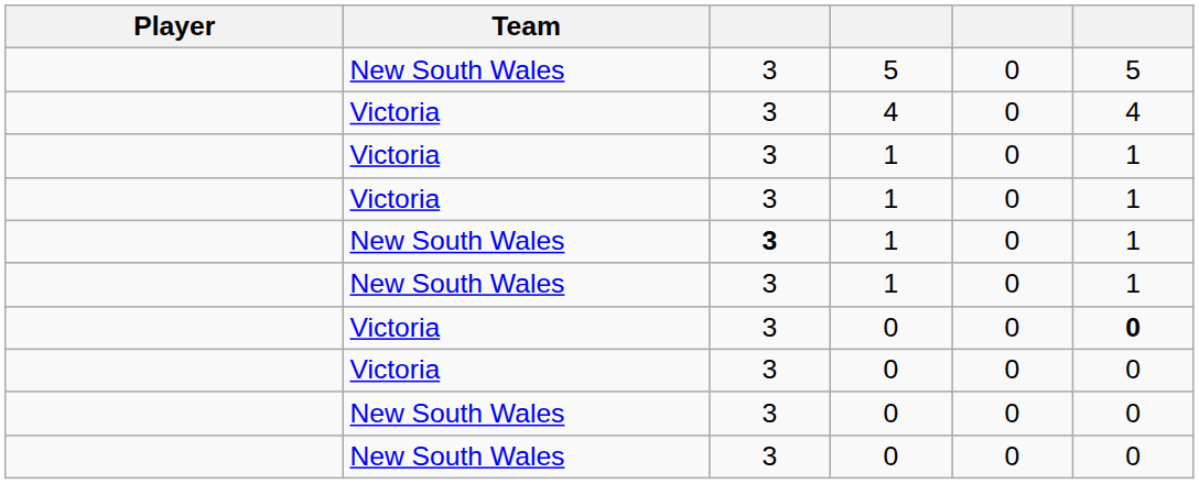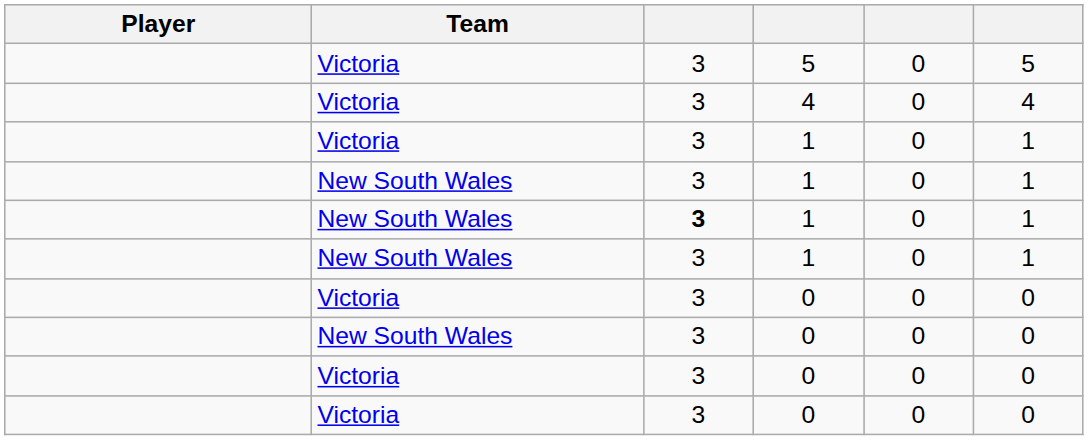 <table class="wikitable sortable">
 <tr>
 <th style="width: 12em;">Player</th>
 <th style="width: 13em;">Team</th>
 <th style="width: 4em;"></th>
 <th style="width: 4em;"></th>
 <th style="width: 4em;"></th>
 <th style="width: 4em;"></th>
 </tr>
 <tr style="text-align:center;">
 <td style="text-align:left;"></td>
-<td style="text-align:left;"><a href='#'>New South Wales</a></td>
+<td style="text-align:left;"><a href='#'>Victoria</a></td>
 <td>3</td>
 <td>5</td>
 <td>0</td>
 <td>5</td>
 </tr>
 <tr style="text-align:center;">
 <td style="text-align:left;"></td>
 <td style="text-align:left;"><a href='#'>Victoria</a></td>
 <td>3</td>
 <td>4</td>
 <td>0</td>
 <td>4</td>
 </tr>
 <tr style="text-align:center;">
 <td style="text-align:left;"></td>
 <td style="text-align:left;"><a href='#'>Victoria</a></td>
 <td>3</td>
 <td>1</td>
 <td>0</td>
 <td>1</td>
 </tr>
 <tr style="text-align:center;">
 <td style="text-align:left;"></td>
-<td style="text-align:left;"><a href='#'>Victoria</a></td>
+<td style="text-align:left;"><a href='#'>New South Wales</a></td>
 <td>3</td>
 <td>1</td>
 <td>0</td>
 <td>1</td>
 </tr>
 <tr style="text-align:center;">
 <td style="text-align:left;"></td>
 <td style="text-align:left;"><a href='#'>New South Wales</a></td>
 <td><strong>3</strong></td>
 <td>1</td>
 <td>0</td>
 <td>1</td>
 </tr>
 <tr style="text-align:center;">
 <td style="text-align:left;"></td>
 <td style="text-align:left;"><a href='#'>New South Wales</a></td>
 <td>3</td>
 <td>1</td>
 <td>0</td>
 <td>1</td>
 </tr>
 <tr style="text-align:center;">
 <td style="text-align:left;"></td>
 <td style="text-align:left;"><a href='#'>Victoria</a></td>
 <td>3</td>
 <td>0</td>
 <td>0</td>
-<td><strong>0</strong></td>
-</tr>
-<tr style="text-align:center;">
-<td style="text-align:left;"></td>
-<td style="text-align:left;"><a href='#'>Victoria</a></td>
-<td>3</td>
-<td>0</td>
-<td>0</td>
 <td>0</td>
 </tr>
 <tr style="text-align:center;">
 <td style="text-align:left;"></td>
 <td style="text-align:left;"><a href='#'>New South Wales</a></td>
 <td>3</td>
 <td>0</td>
 <td>0</td>
 <td>0</td>
 </tr>
 <tr style="text-align:center;">
 <td style="text-align:left;"></td>
-<td style="text-align:left;"><a href='#'>New South Wales</a></td>
+<td style="text-align:left;"><a href='#'>Victoria</a></td>
+<td>3</td>
+<td>0</td>
+<td>0</td>
+<td>0</td>
+</tr>
+<tr style="text-align:center;">
+<td style="text-align:left;"></td>
+<td style="text-align:left;"><a href='#'>Victoria</a></td>
 <td>3</td>
 <td>0</td>
 <td>0</td>
 <td>0</td>
 </tr>
 </table>
